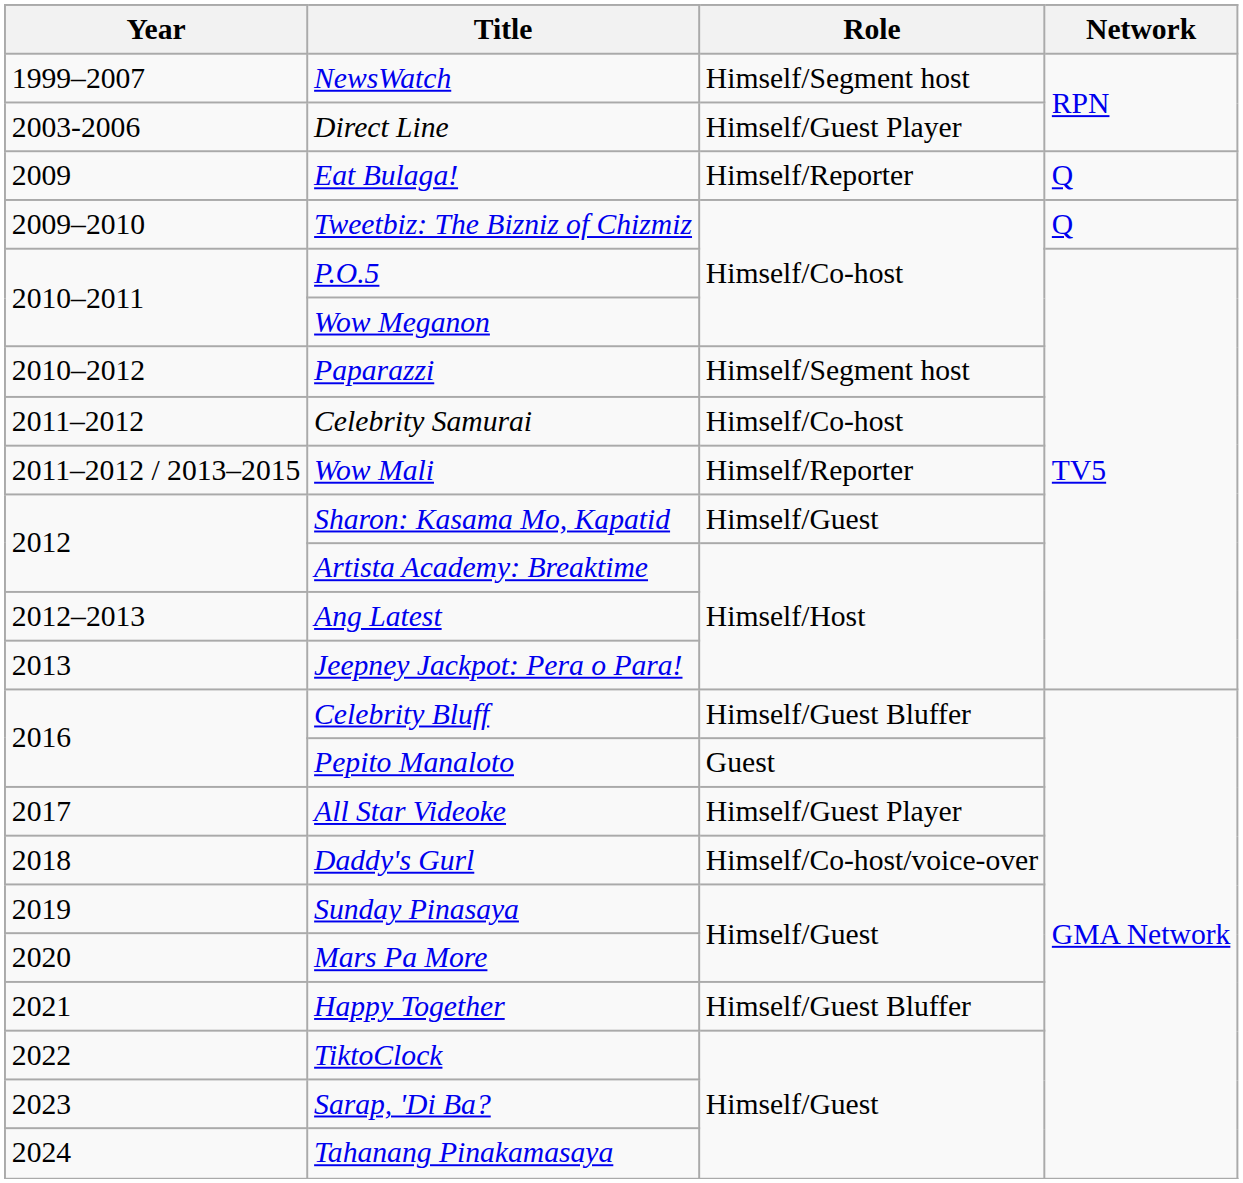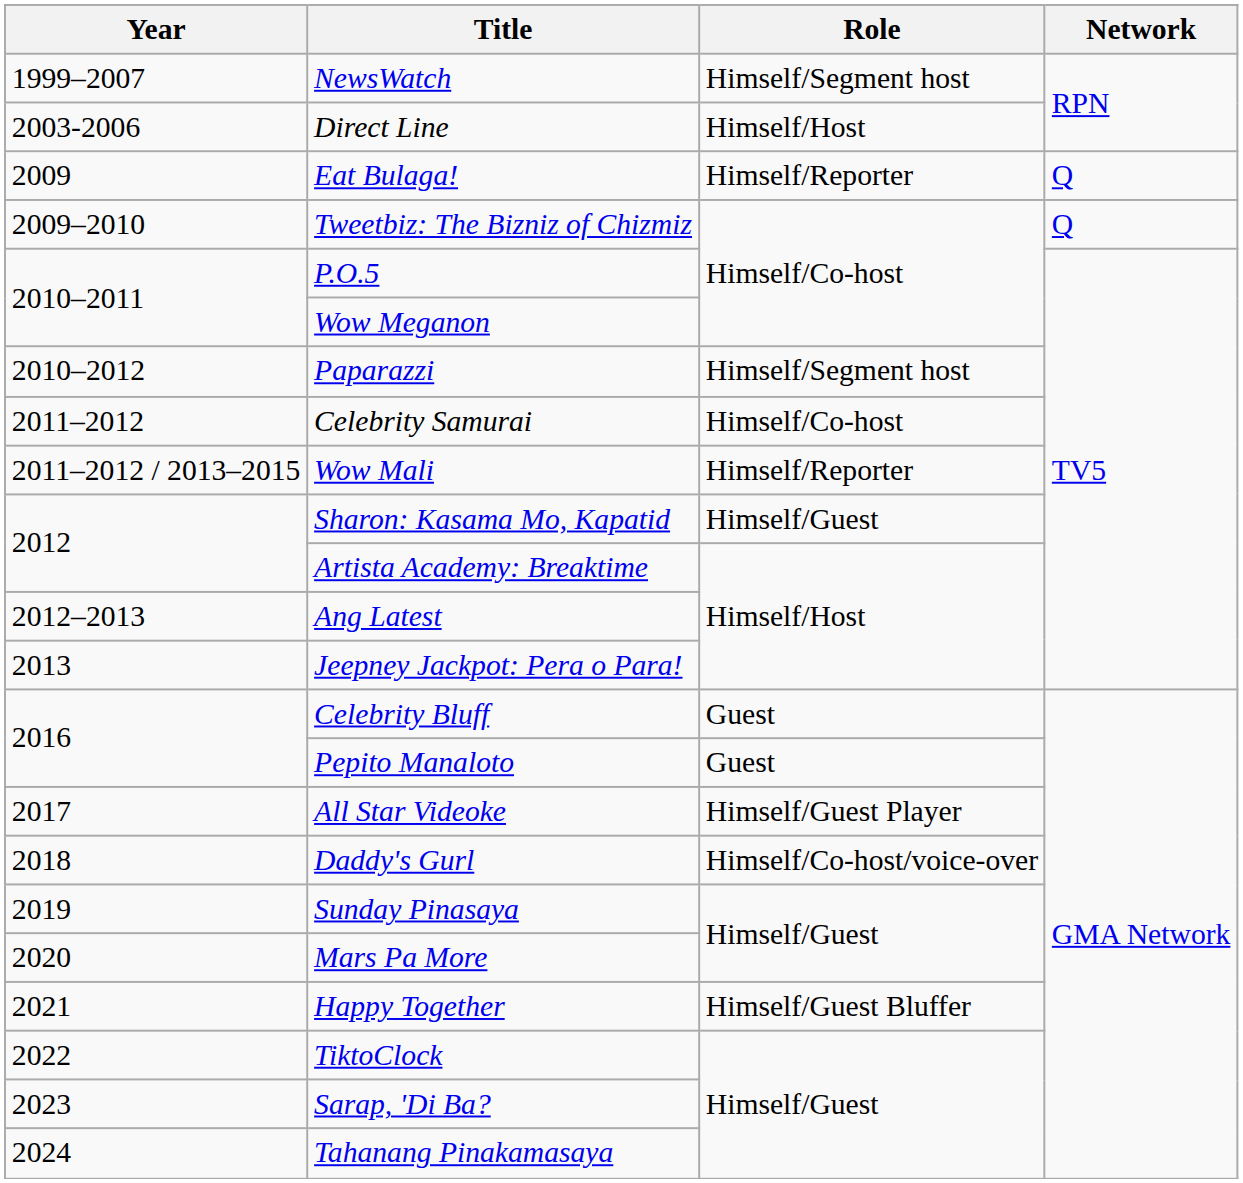 <table class="wikitable" style="font-size: 95%;">
 <tr>
 <th>Year</th>
 <th>Title</th>
 <th>Role</th>
 <th>Network</th>
 </tr>
 <tr>
 <td>1999–2007</td>
 <td><em><a href='#'>NewsWatch</a></em></td>
 <td>Himself/Segment host</td>
 <td rowspan="2"><a href='#'>RPN</a></td>
 </tr>
 <tr>
 <td>2003-2006</td>
 <td><em>Direct Line</em></td>
-<td>Himself/Guest Player</td>
+<td>Himself/Host</td>
 </tr>
 <tr>
 <td>2009</td>
 <td><em><a href='#'>Eat Bulaga!</a></em></td>
 <td>Himself/Reporter</td>
 <td><a href='#'>Q</a></td>
 </tr>
 <tr>
 <td>2009–2010</td>
 <td><em><a href='#'>Tweetbiz: The Bizniz of Chizmiz</a></em></td>
 <td rowspan="3">Himself/Co-host</td>
 <td><a href='#'>Q</a></td>
 </tr>
 <tr>
 <td rowspan="2">2010–2011</td>
 <td><em><a href='#'>P.O.5</a></em></td>
 <td rowspan="9"><a href='#'>TV5</a></td>
 </tr>
 <tr>
 <td><em><a href='#'>Wow Meganon</a></em></td>
 </tr>
 <tr>
 <td>2010–2012</td>
 <td><em><a href='#'>Paparazzi</a></em></td>
 <td>Himself/Segment host</td>
 </tr>
 <tr>
 <td>2011–2012</td>
 <td><em>Celebrity Samurai</em></td>
 <td>Himself/Co-host</td>
 </tr>
 <tr>
 <td>2011–2012 / 2013–2015</td>
 <td><em><a href='#'>Wow Mali</a></em></td>
 <td>Himself/Reporter</td>
 </tr>
 <tr>
 <td rowspan="2">2012</td>
 <td><em><a href='#'>Sharon: Kasama Mo, Kapatid</a></em></td>
 <td>Himself/Guest</td>
 </tr>
 <tr>
 <td><em><a href='#'>Artista Academy: Breaktime</a></em></td>
 <td rowspan="3">Himself/Host</td>
 </tr>
 <tr>
 <td>2012–2013</td>
 <td><em><a href='#'>Ang Latest</a></em></td>
 </tr>
 <tr>
 <td>2013</td>
 <td><em><a href='#'>Jeepney Jackpot: Pera o Para!</a></em></td>
 </tr>
 <tr>
 <td rowspan="2">2016</td>
 <td><em><a href='#'>Celebrity Bluff</a></em></td>
-<td>Himself/Guest Bluffer</td>
+<td>Guest</td>
 <td rowspan="10"><a href='#'>GMA Network</a></td>
 </tr>
 <tr>
 <td><em><a href='#'>Pepito Manaloto</a></em></td>
 <td>Guest</td>
 </tr>
 <tr>
 <td>2017</td>
 <td><em><a href='#'>All Star Videoke</a></em></td>
 <td>Himself/Guest Player</td>
 </tr>
 <tr>
 <td>2018</td>
 <td><em><a href='#'>Daddy's Gurl</a></em></td>
 <td>Himself/Co-host/voice-over</td>
 </tr>
 <tr>
 <td>2019</td>
 <td><em><a href='#'>Sunday Pinasaya</a></em></td>
 <td rowspan="2">Himself/Guest</td>
 </tr>
 <tr>
 <td>2020</td>
 <td><em><a href='#'>Mars Pa More</a></em></td>
 </tr>
 <tr>
 <td>2021</td>
 <td><em><a href='#'>Happy Together</a></em></td>
 <td>Himself/Guest Bluffer</td>
 </tr>
 <tr>
 <td>2022</td>
 <td><em><a href='#'>TiktoClock</a></em></td>
 <td rowspan="3">Himself/Guest</td>
 </tr>
 <tr>
 <td>2023</td>
 <td><em><a href='#'>Sarap, 'Di Ba?</a></em></td>
 </tr>
 <tr>
 <td>2024</td>
 <td><em><a href='#'>Tahanang Pinakamasaya</a></em></td>
 </tr>
 <tr>
 </tr>
 </table>
